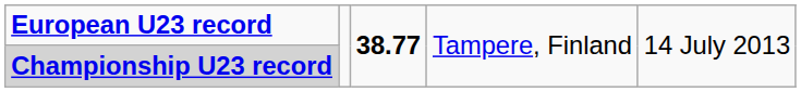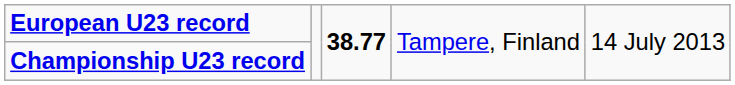 <table class="wikitable">
 <tr>
 <td><strong><a href='#'>European U23 record</a></strong></td>
 <td rowspan=2></td>
 <td rowspan=2><strong>38.77</strong></td>
 <td rowspan=2><a href='#'>Tampere</a>, Finland</td>
 <td rowspan=2>14 July 2013</td>
 </tr>
 <tr>
-<td style="background: lightgrey;"><strong><a href='#'>Championship U23 record</a></strong></td>
+<td><strong><a href='#'>Championship U23 record</a></strong></td>
 </tr>
 </table>
